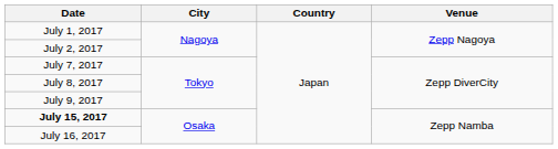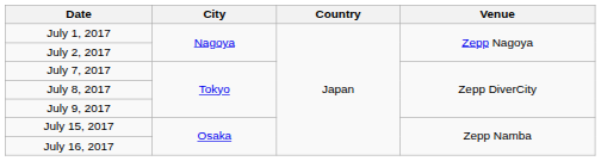 <table class="wikitable plainrowheaders" style="text-align:center;">
 <tr>
 <th scope="col" style="width:12em;">Date</th>
 <th scope="col" style="width:10em;">City</th>
 <th scope="col" style="width:10em;">Country</th>
 <th scope="col" style="width:16em;">Venue</th>
 </tr>
 <tr>
 <td>July 1, 2017</td>
 <td rowspan="2"><a href='#'>Nagoya</a></td>
 <td rowspan="7">Japan</td>
 <td rowspan="2"><a href='#'>Zepp</a> Nagoya</td>
 </tr>
 <tr>
 <td>July 2, 2017</td>
 </tr>
 <tr>
 <td>July 7, 2017</td>
 <td rowspan="3"><a href='#'>Tokyo</a></td>
 <td rowspan="3">Zepp DiverCity</td>
 </tr>
 <tr>
 <td>July 8, 2017</td>
 </tr>
 <tr>
 <td>July 9, 2017</td>
 </tr>
 <tr>
-<td><strong>July 15, 2017</strong></td>
+<td>July 15, 2017</td>
 <td rowspan="2"><a href='#'>Osaka</a></td>
 <td rowspan="2">Zepp Namba</td>
 </tr>
 <tr>
 <td>July 16, 2017</td>
 </tr>
 </table>
